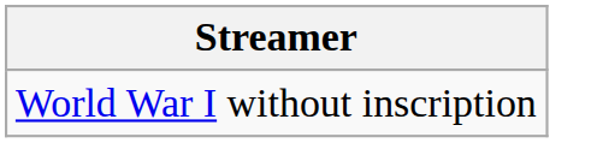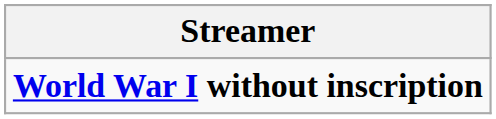 <table class="wikitable">
 <tr>
 <th>Streamer</th>
 </tr>
 <tr>
-<td><a href='#'>World War I</a> without inscription</td>
+<td><strong><a href='#'>World War I</a> without inscription</strong></td>
 </tr>
 </table>
